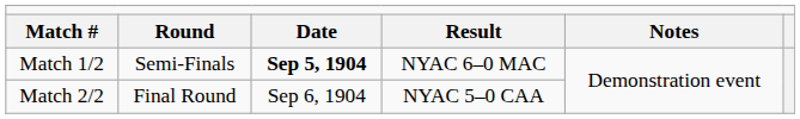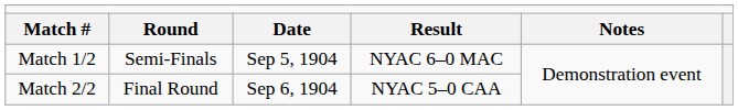 <table class="wikitable" style="text-align: center; width: 98%; font-size: 100%; margin-left: 1em;">
 <tr>
 <td colspan="6"></td>
 </tr>
 <tr>
 <th>Match #</th>
 <th>Round</th>
 <th>Date</th>
 <th>Result</th>
 <th>Notes</th>
 <th></th>
 </tr>
 <tr>
 <td>Match 1/2</td>
 <td>Semi-Finals</td>
-<td><strong>Sep 5, 1904</strong></td>
+<td>Sep 5, 1904</td>
 <td>NYAC 6–0 MAC</td>
 <td rowspan="2">Demonstration event</td>
 <td rowspan="2" style="background: #f2f2f2;"></td>
 </tr>
 <tr>
 <td>Match 2/2</td>
 <td>Final Round</td>
 <td>Sep 6, 1904</td>
 <td>NYAC 5–0 CAA</td>
 </tr>
 </table>
